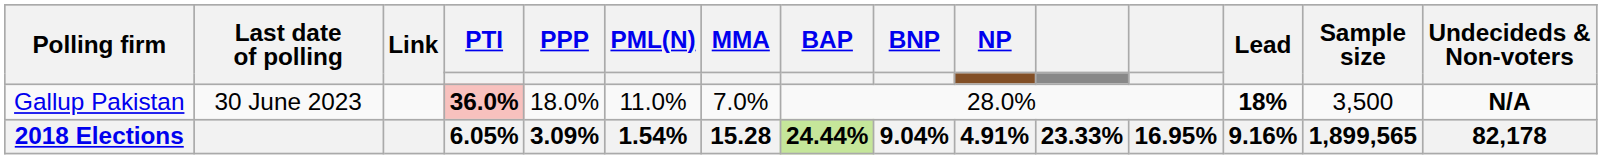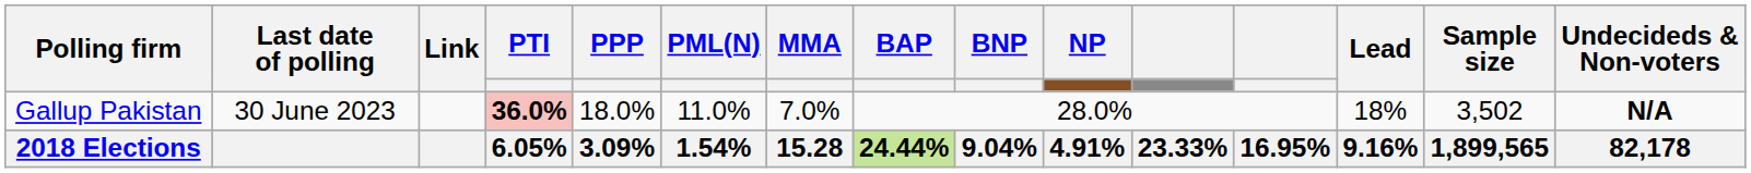 <table class="wikitable sortable" style="text-align:center;font-size:90%;line-height:14px">
 <tr style="height:40px;">
 <th rowspan="2" style="width:105px;">Polling firm</th>
 <th rowspan="2" style="width:105px;">Last date<br>of polling</th>
 <th rowspan="2">Link</th>
 <th class="unsortable" style="width:40px;"><a href='#'>PTI</a></th>
 <th class="unsortable" style="width:40px;"><a href='#'>PPP</a></th>
 <th class="unsortable" style="width:40px;"><a href='#'>PML(N)</a></th>
 <th class="unsortable" style="width:40px;"><a href='#'>MMA</a></th>
 <th class="unsortable" style="width:40px;"><a href='#'>BAP</a></th>
 <th class="unsortable" style="width:40px;"><a href='#'>BNP</a></th>
 <th class="unsortable" style="width:40px;"><a href='#'>NP</a></th>
 <th class="unsortable" style="width:40px;"><a href='#'></a></th>
 <th class="unsortable" style="width:40px;"><a href='#'></a></th>
 <th rowspan="2">Lead</th>
 <th rowspan="2">Sample<br>size</th>
 <th rowspan="2">Undecideds &<br>Non-voters</th>
 </tr>
 <tr>
 <th style="background:"></th>
 <th style="background:"></th>
 <th style="background:"></th>
 <th style="background:"></th>
 <th style="background:"></th>
 <th style="background:"></th>
 <th style="background:#824f26;" data-sort-type="number"></th>
 <th style="background:#888888;" data-sort-type="number"></th>
 <th style="background:"></th>
 </tr>
 <tr>
 <td><a href='#'>Gallup Pakistan</a></td>
 <td>30 June 2023</td>
 <td></td>
 <td style="background:rgb(248, 193, 190)"><strong>36.0%</strong></td>
 <td>18.0%</td>
 <td>11.0%</td>
 <td>7.0%</td>
 <td colspan="5">28.0%</td>
-<td style="background:"><strong><span>18%</span></strong></td>
-<td>3,500</td>
+<td style="background:"><span>18%</span></td>
+<td>3,502</td>
 <td><strong>N/A</strong></td>
 </tr>
 <tr>
 <th><a href='#'>2018 Elections</a></th>
 <th></th>
 <th></th>
 <th>6.05%</th>
 <th>3.09%</th>
 <th>1.54%</th>
 <th>15.28</th>
 <th style="background:rgb(197, 230, 154)">24.44%</th>
 <th>9.04%</th>
 <th>4.91%</th>
 <th>23.33%</th>
 <th>16.95%</th>
 <th style="background:"><span>9.16%</span></th>
 <th>1,899,565</th>
 <th>82,178</th>
 </tr>
 </table>
